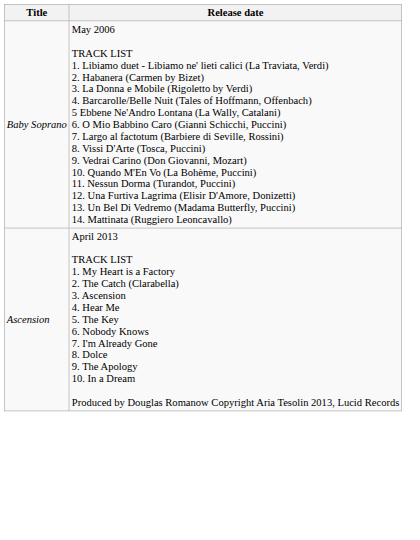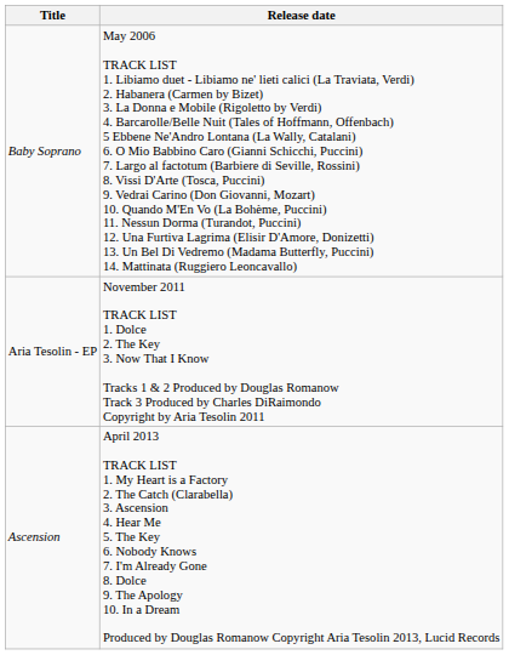 <table class="wikitable">
 <tr>
 <th>Title</th>
 <th>Release date</th>
 </tr>
 <tr>
 <td><em>Baby Soprano</em></td>
 <td>May 2006<br><br>TRACK LIST<br> 1. Libiamo duet - Libiamo ne' lieti calici (La Traviata, Verdi)<br> 2. Habanera (Carmen by Bizet)<br> 3. La Donna e Mobile (Rigoletto by Verdi)<br> 4. Barcarolle/Belle Nuit (Tales of Hoffmann, Offenbach)<br> 5  Ebbene Ne'Andro Lontana (La Wally, Catalani)<br> 6. O Mio Babbino Caro (Gianni Schicchi, Puccini)<br> 7. Largo al factotum (Barbiere di Seville, Rossini)<br> 8. Vissi D'Arte (Tosca, Puccini)<br> 9. Vedrai Carino (Don Giovanni, Mozart)<br> 10. Quando M'En Vo (La Bohème, Puccini)<br> 11. Nessun Dorma (Turandot, Puccini)<br> 12. Una Furtiva Lagrima (Elisir D'Amore, Donizetti)<br> 13. Un Bel Di Vedremo (Madama Butterfly, Puccini)<br> 14. Mattinata (Ruggiero Leoncavallo)<br></td>
 </tr>
 <tr>
+<td>Aria Tesolin - EP</td>
+<td>November 2011<br><br>TRACK LIST<br> 1. Dolce<br> 2. The Key <br> 3. Now That I Know<br> <br> Tracks 1 & 2 Produced by Douglas Romanow<br> Track 3 Produced by Charles DiRaimondo<br> Copyright by Aria Tesolin 2011</td>
+</tr>
+<tr>
 <td><em>Ascension</em></td>
 <td>April 2013<br><br>TRACK LIST<br> 1. My Heart is a Factory<br> 2. The Catch (Clarabella)<br> 3. Ascension<br> 4. Hear Me<br> 5. The Key<br> 6. Nobody Knows<br> 7. I'm Already Gone<br> 8. Dolce<br> 9. The Apology<br> 10. In a Dream<br> <br> Produced by Douglas Romanow Copyright Aria Tesolin 2013, Lucid Records</td>
 </tr>
 </table>
